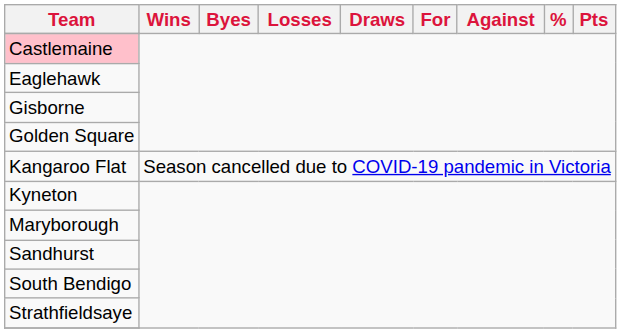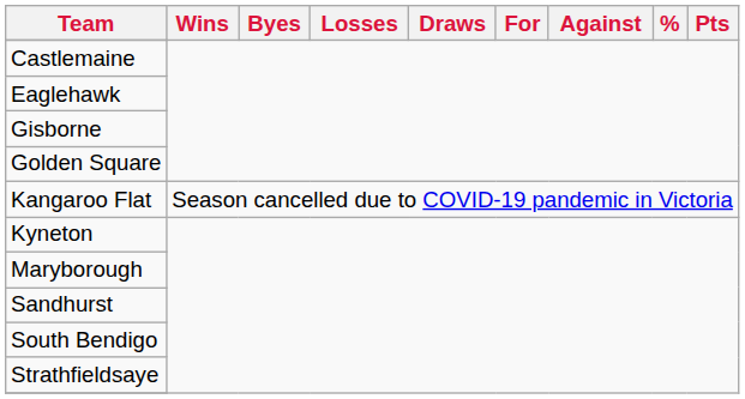 <table style="font-size: 85%; text-align: left;" class="wikitable">
 <tr>
 <th style="color:crimson">Team</th>
 <th style="color:crimson">Wins</th>
 <th style="color:crimson">Byes</th>
 <th style="color:crimson">Losses</th>
 <th style="color:crimson">Draws</th>
 <th style="color:crimson">For</th>
 <th style="color:crimson">Against</th>
 <th style="color:crimson">%</th>
 <th style="color:crimson">Pts</th>
 </tr>
 <tr>
 </tr>
 <tr>
 </tr>
 <tr>
-<td style="background: pink;">Castlemaine</td>
+<td>Castlemaine</td>
 </tr>
 <tr>
 <td>Eaglehawk</td>
 </tr>
 <tr>
 <td>Gisborne</td>
 </tr>
 <tr>
 <td>Golden Square</td>
 </tr>
 <tr>
 <td>Kangaroo Flat</td>
 <td colspan=8 align=center>Season cancelled due to <a href='#'>COVID-19 pandemic in Victoria</a></td>
 </tr>
 <tr>
 <td>Kyneton</td>
 </tr>
 <tr>
 <td>Maryborough</td>
 </tr>
 <tr>
 <td>Sandhurst</td>
 </tr>
 <tr>
 <td>South Bendigo</td>
 </tr>
 <tr>
 <td>Strathfieldsaye</td>
 </tr>
 <tr>
 </tr>
 </table>
